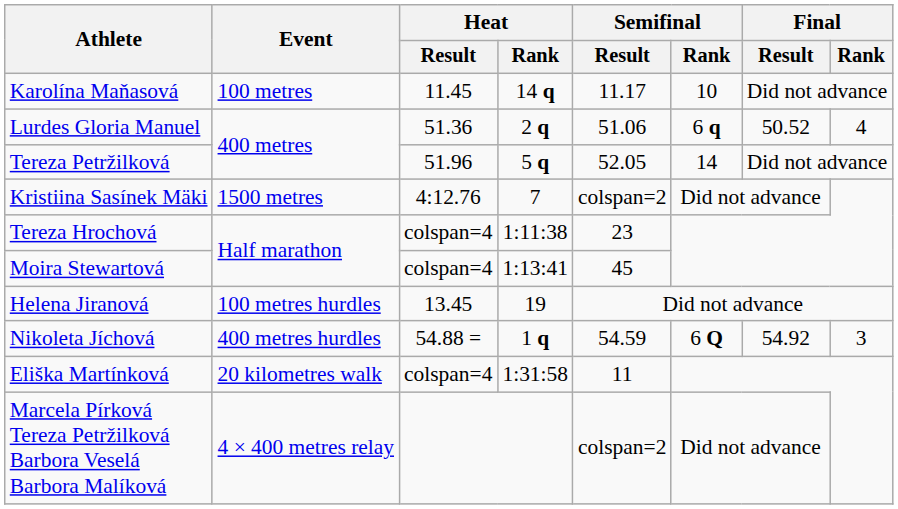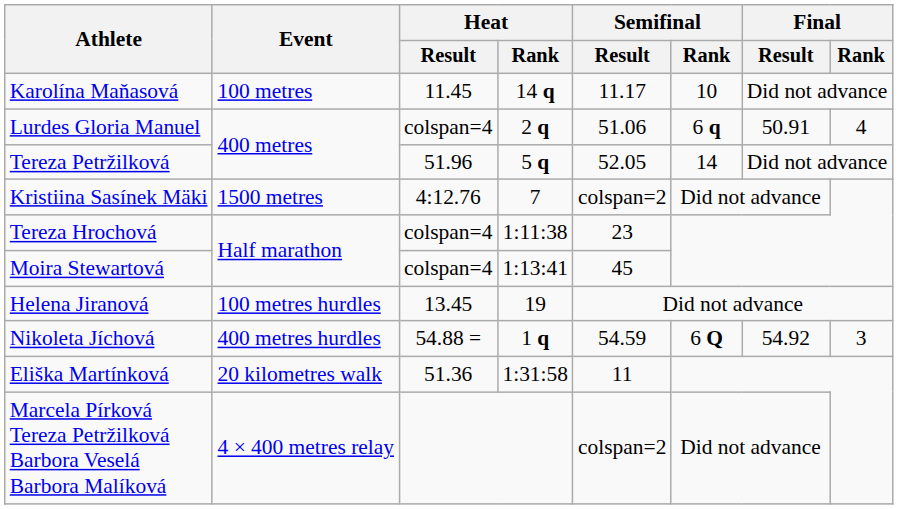 <table class=wikitable style=font-size:90%>
 <tr>
 <th rowspan=2>Athlete</th>
 <th rowspan=2>Event</th>
 <th colspan=2>Heat</th>
 <th colspan=2>Semifinal</th>
 <th colspan=2>Final</th>
 </tr>
 <tr style=font-size:95%>
 <th>Result</th>
 <th>Rank</th>
 <th>Result</th>
 <th>Rank</th>
 <th>Result</th>
 <th>Rank</th>
 </tr>
 <tr align=center>
 <td align=left><a href='#'>Karolína Maňasová</a></td>
 <td align=left><a href='#'>100 metres</a></td>
 <td>11.45</td>
 <td>14 <strong>q</strong></td>
 <td>11.17 </td>
 <td>10</td>
 <td colspan=2>Did not advance</td>
 </tr>
 <tr align=center>
 <td align=left><a href='#'>Lurdes Gloria Manuel</a></td>
 <td align=left rowspan=2><a href='#'>400 metres</a></td>
-<td>51.36</td>
+<td>colspan=4</td>
 <td>2 <strong>q</strong></td>
 <td>51.06</td>
 <td>6 <strong>q</strong></td>
-<td>50.52 </td>
+<td>50.91 </td>
 <td>4</td>
 </tr>
 <tr align=center>
 <td align=left><a href='#'>Tereza Petržilková</a></td>
 <td>51.96</td>
 <td>5 <strong>q</strong></td>
 <td>52.05</td>
 <td>14</td>
 <td colspan=2>Did not advance</td>
 </tr>
 <tr align=center>
 <td align=left><a href='#'>Kristiina Sasínek Mäki</a></td>
 <td align=left><a href='#'>1500 metres</a></td>
 <td>4:12.76</td>
 <td>7</td>
 <td>colspan=2</td>
 <td colspan=2>Did not advance</td>
 </tr>
 <tr align=center>
 <td align=left><a href='#'>Tereza Hrochová</a></td>
 <td align=left rowspan=2><a href='#'>Half marathon</a></td>
 <td>colspan=4</td>
 <td>1:11:38 </td>
 <td>23</td>
 </tr>
 <tr align=center>
 <td align=left><a href='#'>Moira Stewartová</a></td>
 <td>colspan=4</td>
 <td>1:13:41</td>
 <td>45</td>
 </tr>
 <tr align=center>
 <td align=left><a href='#'>Helena Jiranová</a></td>
 <td align=left><a href='#'>100 metres hurdles</a></td>
 <td>13.45</td>
 <td>19</td>
 <td colspan=4>Did not advance</td>
 </tr>
 <tr align=center>
 <td align=left><a href='#'>Nikoleta Jíchová</a></td>
 <td align=left><a href='#'>400 metres hurdles</a></td>
 <td>54.88 =</td>
 <td>1 <strong>q</strong></td>
 <td>54.59 </td>
 <td>6 <strong>Q</strong></td>
 <td>54.92</td>
 <td>3</td>
 </tr>
 <tr align=center>
 <td align=left><a href='#'>Eliška Martínková</a></td>
 <td align=left><a href='#'>20 kilometres walk</a></td>
-<td>colspan=4</td>
+<td>51.36</td>
 <td>1:31:58</td>
 <td>11</td>
 </tr>
 <tr align=center>
 <td align=left><a href='#'>Marcela Pírková</a><br><a href='#'>Tereza Petržilková</a><br><a href='#'>Barbora Veselá</a><br><a href='#'>Barbora Malíková</a></td>
 <td align=left><a href='#'>4 × 400 metres relay</a></td>
 <td colspan=2></td>
 <td>colspan=2</td>
 <td colspan=2>Did not advance</td>
 </tr>
 </table>
